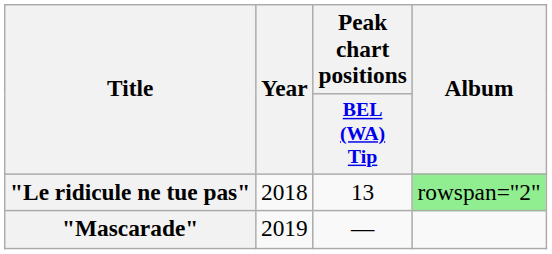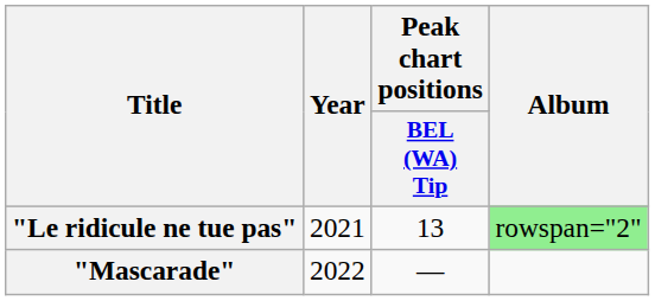 <table class="wikitable plainrowheaders" style="text-align:center;">
 <tr>
 <th scope="col" rowspan="2">Title</th>
 <th scope="col" rowspan="2">Year</th>
 <th scope="col" colspan="1">Peak chart positions</th>
 <th scope="col" rowspan="2">Album</th>
 </tr>
 <tr>
 <th scope="col" style="width:3em;font-size:85%;"><a href='#'>BEL<br>(WA)<br>Tip</a><br></th>
 </tr>
 <tr>
 <th scope="row">"Le ridicule ne tue pas"<br></th>
-<td>2018</td>
+<td>2021</td>
 <td>13</td>
 <td style="background: lightgreen;">rowspan="2" </td>
 </tr>
 <tr>
 <th scope="row">"Mascarade"<br></th>
-<td>2019</td>
+<td>2022</td>
 <td>—</td>
 </tr>
 </table>
